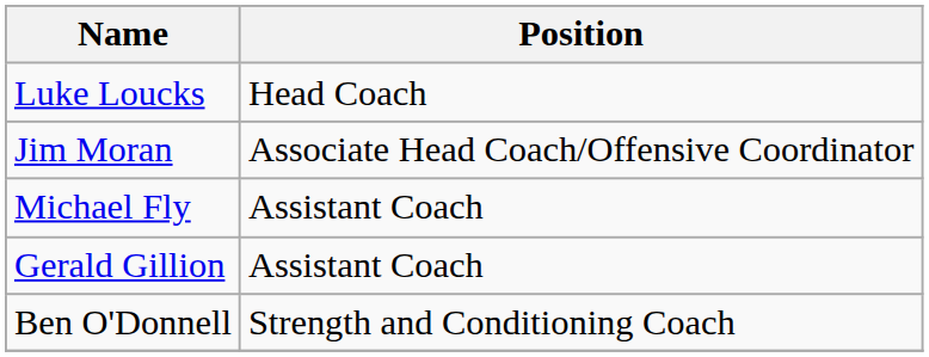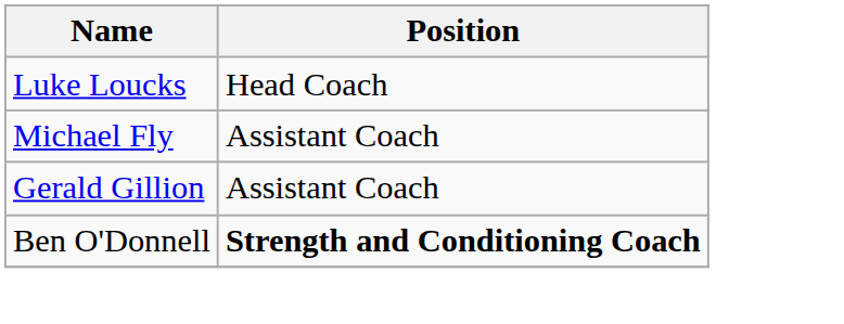 <table class="wikitable">
 <tr>
 <th>Name</th>
 <th>Position</th>
 </tr>
 <tr>
 <td><a href='#'>Luke Loucks</a></td>
 <td>Head Coach</td>
-</tr>
-<tr>
-<td><a href='#'>Jim Moran</a></td>
-<td>Associate Head Coach/Offensive Coordinator</td>
 </tr>
 <tr>
 <td><a href='#'>Michael Fly</a></td>
 <td>Assistant Coach</td>
 </tr>
 <tr>
 <td><a href='#'>Gerald Gillion</a></td>
 <td>Assistant Coach</td>
 </tr>
 <tr>
 <td>Ben O'Donnell</td>
-<td>Strength and Conditioning Coach</td>
+<td><strong>Strength and Conditioning Coach</strong></td>
 </tr>
 <tr>
 </tr>
 </table>
